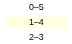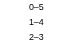 <table style="font-size:90%">
 <tr>
 <td colspan=3></td>
 </tr>
 <tr>
 <td align=right></td>
 <td align=center>0–5</td>
 <td><strong></strong></td>
 </tr>
 <tr>
 <td colspan=3></td>
 </tr>
 <tr>
 <td width=150 align=right></td>
-<td width=100 align=center style="background: lightyellow;">1–4</td>
+<td width=100 align=center>1–4</td>
 <td><strong></strong></td>
 </tr>
 <tr>
 <td colspan=3></td>
 </tr>
 <tr>
 <td align=right></td>
 <td align=center>2–3</td>
 <td><strong></strong></td>
 </tr>
 </table>
